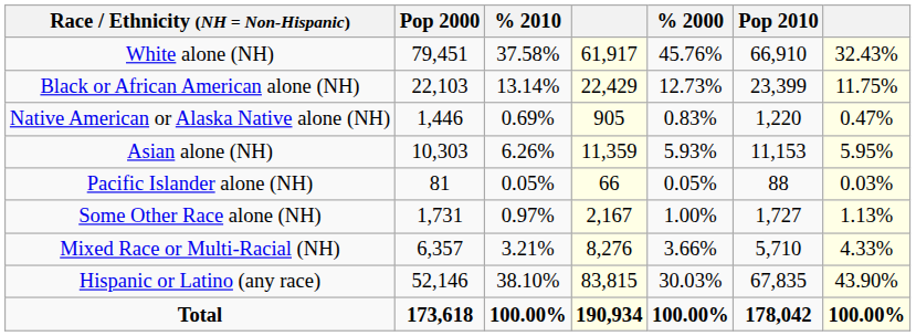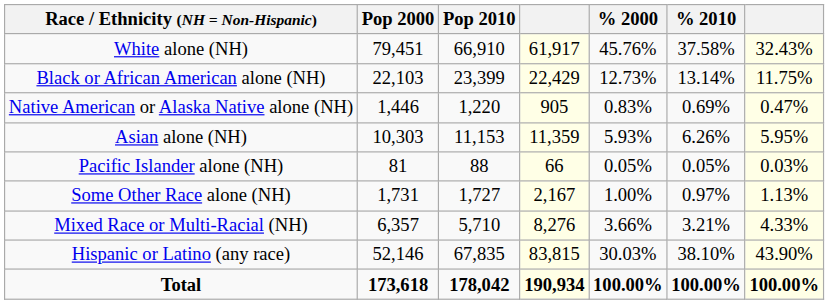 <table class="wikitable" style="text-align:center;">
 <tr>
 <th>Race / Ethnicity <small>(<em>NH = Non-Hispanic</em>)</small></th>
 <th>Pop 2000</th>
-<th>% 2010</th>
+<th>Pop 2010</th>
 <th></th>
 <th>% 2000</th>
-<th>Pop 2010</th>
+<th>% 2010</th>
 <th></th>
 </tr>
 <tr>
 <td><a href='#'>White</a> alone (NH)</td>
 <td>79,451</td>
-<td>37.58%</td>
+<td>66,910</td>
 <td style='background: #ffffe6;'>61,917</td>
 <td>45.76%</td>
-<td>66,910</td>
+<td>37.58%</td>
 <td style='background: #ffffe6;'>32.43%</td>
 </tr>
 <tr>
 <td><a href='#'>Black or African American</a> alone (NH)</td>
 <td>22,103</td>
-<td>13.14%</td>
+<td>23,399</td>
 <td style='background: #ffffe6;'>22,429</td>
 <td>12.73%</td>
-<td>23,399</td>
+<td>13.14%</td>
 <td style='background: #ffffe6;'>11.75%</td>
 </tr>
 <tr>
 <td><a href='#'>Native American</a> or <a href='#'>Alaska Native</a> alone (NH)</td>
 <td>1,446</td>
-<td>0.69%</td>
+<td>1,220</td>
 <td style='background: #ffffe6;'>905</td>
 <td>0.83%</td>
-<td>1,220</td>
+<td>0.69%</td>
 <td style='background: #ffffe6;'>0.47%</td>
 </tr>
 <tr>
 <td><a href='#'>Asian</a> alone (NH)</td>
 <td>10,303</td>
-<td>6.26%</td>
+<td>11,153</td>
 <td style='background: #ffffe6;'>11,359</td>
 <td>5.93%</td>
-<td>11,153</td>
+<td>6.26%</td>
 <td style='background: #ffffe6;'>5.95%</td>
 </tr>
 <tr>
 <td><a href='#'>Pacific Islander</a> alone (NH)</td>
 <td>81</td>
-<td>0.05%</td>
+<td>88</td>
 <td style='background: #ffffe6;'>66</td>
 <td>0.05%</td>
-<td>88</td>
+<td>0.05%</td>
 <td style='background: #ffffe6;'>0.03%</td>
 </tr>
 <tr>
 <td><a href='#'>Some Other Race</a> alone (NH)</td>
 <td>1,731</td>
-<td>0.97%</td>
+<td>1,727</td>
 <td style='background: #ffffe6;'>2,167</td>
 <td>1.00%</td>
-<td>1,727</td>
+<td>0.97%</td>
 <td style='background: #ffffe6;'>1.13%</td>
 </tr>
 <tr>
 <td><a href='#'>Mixed Race or Multi-Racial</a> (NH)</td>
 <td>6,357</td>
-<td>3.21%</td>
+<td>5,710</td>
 <td style='background: #ffffe6;'>8,276</td>
 <td>3.66%</td>
-<td>5,710</td>
+<td>3.21%</td>
 <td style='background: #ffffe6;'>4.33%</td>
 </tr>
 <tr>
 <td><a href='#'>Hispanic or Latino</a> (any race)</td>
 <td>52,146</td>
-<td>38.10%</td>
+<td>67,835</td>
 <td style='background: #ffffe6;'>83,815</td>
 <td>30.03%</td>
-<td>67,835</td>
+<td>38.10%</td>
 <td style='background: #ffffe6;'>43.90%</td>
 </tr>
 <tr>
 <td><strong>Total</strong></td>
 <td><strong>173,618</strong></td>
-<td><strong>100.00%</strong></td>
+<td><strong>178,042</strong></td>
 <td style='background: #ffffe6;'><strong>190,934</strong></td>
 <td><strong>100.00%</strong></td>
-<td><strong>178,042</strong></td>
+<td><strong>100.00%</strong></td>
 <td style='background: #ffffe6;'><strong>100.00%</strong></td>
 </tr>
 </table>
